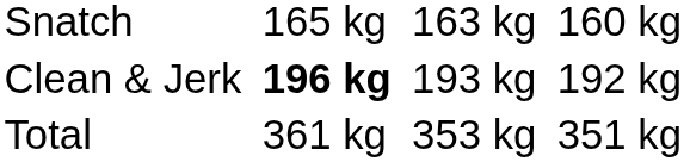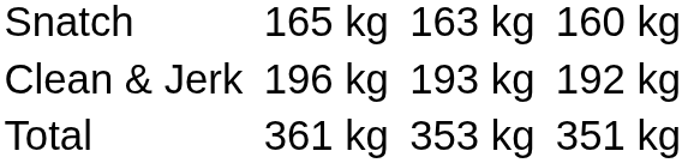 <table>
 <tr>
 <td>Snatch</td>
 <td></td>
 <td>165 kg</td>
 <td></td>
 <td>163 kg</td>
 <td></td>
 <td>160 kg</td>
 </tr>
 <tr>
 <td>Clean & Jerk</td>
 <td></td>
-<td><strong>196 kg</strong></td>
+<td>196 kg</td>
 <td></td>
 <td>193 kg</td>
 <td></td>
 <td>192 kg</td>
 </tr>
 <tr>
 <td>Total</td>
 <td></td>
 <td>361 kg</td>
 <td></td>
 <td>353 kg</td>
 <td></td>
 <td>351 kg</td>
 </tr>
 </table>
